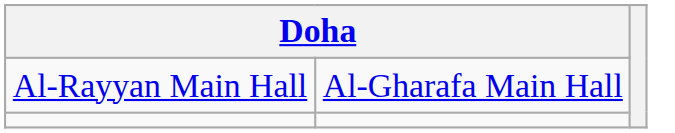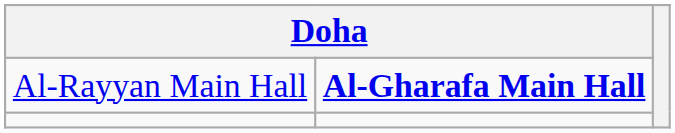 <table class="wikitable" style="text-align:center;">
 <tr>
 <th Colspan=2><a href='#'>Doha</a></th>
 <th rowspan="3"></th>
 </tr>
 <tr>
 <td><a href='#'>Al-Rayyan Main Hall</a></td>
-<td><a href='#'>Al-Gharafa Main Hall</a></td>
+<td><strong><a href='#'>Al-Gharafa Main Hall</a></strong></td>
 </tr>
 <tr>
 <td></td>
 <td></td>
 </tr>
 </table>
